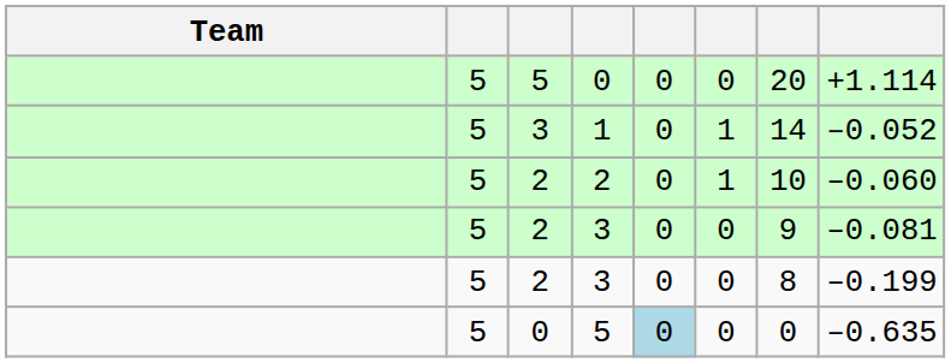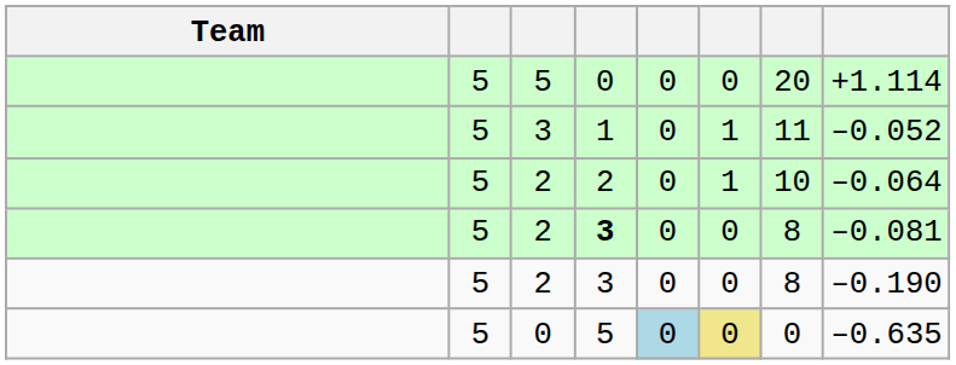 <table class="wikitable" style="text-align:center">
 <tr>
 <th width=180>Team</th>
 <th width=20></th>
 <th width=20></th>
 <th width=20></th>
 <th width=20></th>
 <th width=20></th>
 <th width=20></th>
 <th width=45></th>
 </tr>
 <tr style="background:#cfc">
 <td align="left"></td>
 <td>5</td>
 <td>5</td>
 <td>0</td>
 <td>0</td>
 <td>0</td>
 <td>20</td>
 <td>+1.114</td>
 </tr>
 <tr style="background:#cfc">
 <td align="left"></td>
 <td>5</td>
 <td>3</td>
 <td>1</td>
 <td>0</td>
 <td>1</td>
-<td>14</td>
+<td>11</td>
 <td>–0.052</td>
 </tr>
 <tr style="background:#cfc">
 <td align="left"></td>
 <td>5</td>
 <td>2</td>
 <td>2</td>
 <td>0</td>
 <td>1</td>
 <td>10</td>
-<td>–0.060</td>
+<td>–0.064</td>
 </tr>
 <tr style="background:#cfc">
 <td align="left"></td>
 <td>5</td>
 <td>2</td>
-<td>3</td>
+<td><strong>3</strong></td>
 <td>0</td>
 <td>0</td>
-<td>9</td>
+<td>8</td>
 <td>–0.081</td>
 </tr>
 <tr>
 <td align="left"></td>
 <td>5</td>
 <td>2</td>
 <td>3</td>
 <td>0</td>
 <td>0</td>
 <td>8</td>
-<td>–0.199</td>
+<td>–0.190</td>
 </tr>
 <tr>
 <td align="left"></td>
 <td>5</td>
 <td>0</td>
 <td>5</td>
 <td style="background: lightblue;">0</td>
-<td>0</td>
+<td style="background: khaki;">0</td>
 <td>0</td>
 <td>–0.635</td>
 </tr>
 </table>
